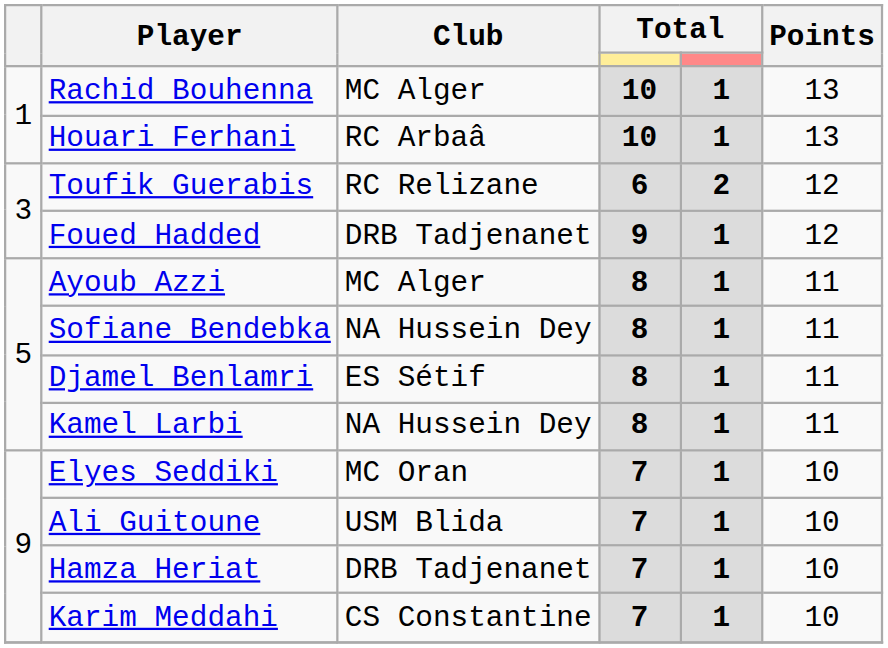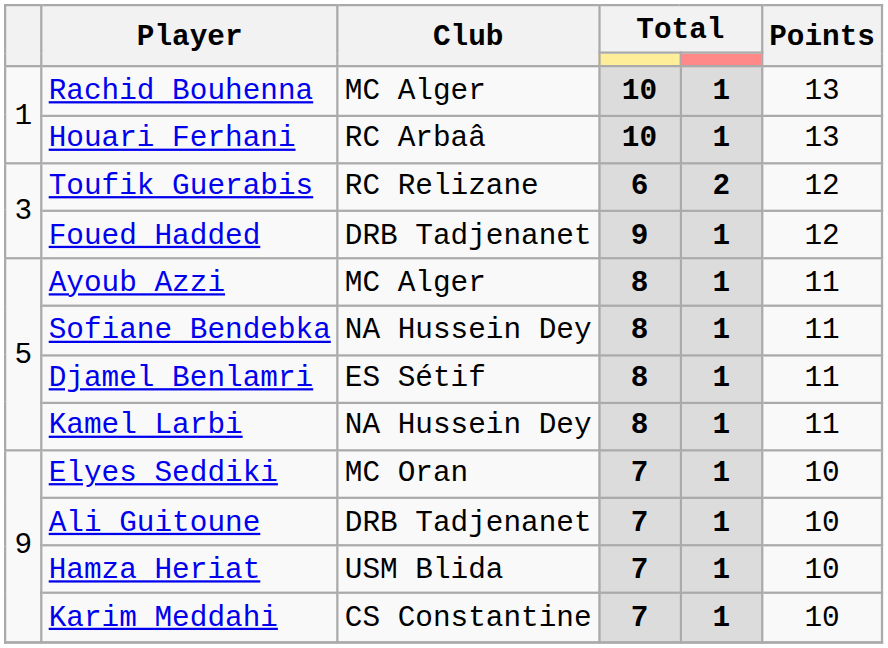 <table class="wikitable" style="text-align:center;">
 <tr style="text-align:center;">
 <th width=10 rowspan="2"></th>
 <th rowspan="2">Player</th>
 <th rowspan="2">Club</th>
 <th colspan="2">Total</th>
 <th rowspan="2">Points</th>
 </tr>
 <tr>
 <th style="width:30px; background:#fe9;"></th>
 <th style="width:30px; background:#ff8888;"></th>
 </tr>
 <tr>
 <td rowspan="2">1</td>
 <td align=left> <a href='#'>Rachid Bouhenna</a></td>
 <td align=left>MC Alger</td>
 <td style="background:#DCDCDC"><strong>10</strong> </td>
 <td style="background:#DCDCDC"><strong>1</strong> </td>
 <td>13</td>
 </tr>
 <tr>
 <td align=left> <a href='#'>Houari Ferhani</a></td>
 <td align=left>RC Arbaâ</td>
 <td style="background:#DCDCDC"><strong>10</strong> </td>
 <td style="background:#DCDCDC"><strong>1</strong> </td>
 <td>13</td>
 </tr>
 <tr>
 <td rowspan="2">3</td>
 <td align=left> <a href='#'>Toufik Guerabis</a></td>
 <td align=left>RC Relizane</td>
 <td style="background:#DCDCDC"><strong>6</strong> </td>
 <td style="background:#DCDCDC"><strong>2</strong> </td>
 <td>12</td>
 </tr>
 <tr>
 <td align=left> <a href='#'>Foued Hadded</a></td>
 <td align=left>DRB Tadjenanet</td>
 <td style="background:#DCDCDC"><strong>9</strong> </td>
 <td style="background:#DCDCDC"><strong>1</strong> </td>
 <td>12</td>
 </tr>
 <tr>
 <td rowspan="4">5</td>
 <td align=left> <a href='#'>Ayoub Azzi</a></td>
 <td align=left>MC Alger</td>
 <td style="background:#DCDCDC"><strong>8</strong> </td>
 <td style="background:#DCDCDC"><strong>1</strong> </td>
 <td>11</td>
 </tr>
 <tr>
 <td align=left> <a href='#'>Sofiane Bendebka</a></td>
 <td align=left>NA Hussein Dey</td>
 <td style="background:#DCDCDC"><strong>8</strong> </td>
 <td style="background:#DCDCDC"><strong>1</strong> </td>
 <td>11</td>
 </tr>
 <tr>
 <td align=left> <a href='#'>Djamel Benlamri</a></td>
 <td align=left>ES Sétif</td>
 <td style="background:#DCDCDC"><strong>8</strong> </td>
 <td style="background:#DCDCDC"><strong>1</strong> </td>
 <td>11</td>
 </tr>
 <tr>
 <td align=left> <a href='#'>Kamel Larbi</a></td>
 <td align=left>NA Hussein Dey</td>
 <td style="background:#DCDCDC"><strong>8</strong> </td>
 <td style="background:#DCDCDC"><strong>1</strong> </td>
 <td>11</td>
 </tr>
 <tr>
 <td rowspan="4">9</td>
 <td align=left> <a href='#'>Elyes Seddiki</a></td>
 <td align=left>MC Oran</td>
 <td style="background:#DCDCDC"><strong>7</strong> </td>
 <td style="background:#DCDCDC"><strong>1</strong> </td>
 <td>10</td>
 </tr>
 <tr>
 <td align=left> <a href='#'>Ali Guitoune</a></td>
-<td align=left>USM Blida</td>
+<td align=left>DRB Tadjenanet</td>
 <td style="background:#DCDCDC"><strong>7</strong> </td>
 <td style="background:#DCDCDC"><strong>1</strong> </td>
 <td>10</td>
 </tr>
 <tr>
 <td align=left> <a href='#'>Hamza Heriat</a></td>
-<td align=left>DRB Tadjenanet</td>
+<td align=left>USM Blida</td>
 <td style="background:#DCDCDC"><strong>7</strong> </td>
 <td style="background:#DCDCDC"><strong>1</strong> </td>
 <td>10</td>
 </tr>
 <tr>
 <td align=left> <a href='#'>Karim Meddahi</a></td>
 <td align=left>CS Constantine</td>
 <td style="background:#DCDCDC"><strong>7</strong> </td>
 <td style="background:#DCDCDC"><strong>1</strong> </td>
 <td>10</td>
 </tr>
 <tr>
 </tr>
 </table>
